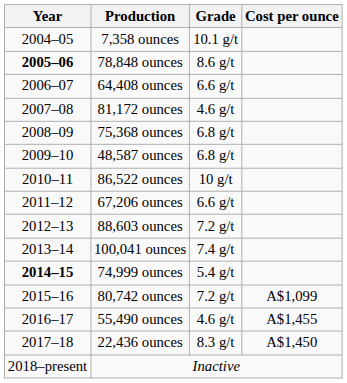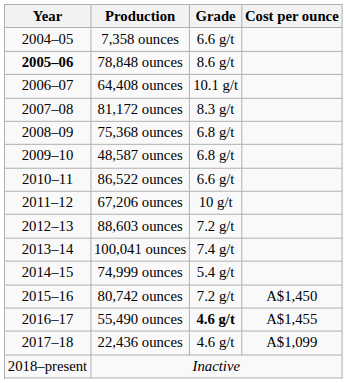 <table class="wikitable">
 <tr style="text-align:center;">
 <th>Year</th>
 <th>Production</th>
 <th>Grade</th>
 <th>Cost per ounce</th>
 </tr>
 <tr style="text-align:center;">
 <td>2004–05</td>
 <td>7,358 ounces</td>
-<td>10.1 g/t</td>
+<td>6.6 g/t</td>
 <td></td>
 </tr>
 <tr style="text-align:center;">
 <td><strong>2005–06</strong></td>
 <td>78,848 ounces</td>
 <td>8.6 g/t</td>
 <td></td>
 </tr>
 <tr style="text-align:center;">
 <td>2006–07</td>
 <td>64,408 ounces</td>
-<td>6.6 g/t</td>
+<td>10.1 g/t</td>
 <td></td>
 </tr>
 <tr style="text-align:center;">
 <td>2007–08</td>
 <td>81,172 ounces</td>
-<td>4.6 g/t</td>
+<td>8.3 g/t</td>
 <td></td>
 </tr>
 <tr style="text-align:center;">
 <td>2008–09</td>
 <td>75,368 ounces</td>
 <td>6.8 g/t</td>
 <td></td>
 </tr>
 <tr style="text-align:center;">
 <td>2009–10</td>
 <td>48,587 ounces</td>
 <td>6.8 g/t</td>
 <td></td>
 </tr>
 <tr style="text-align:center;">
 <td>2010–11</td>
 <td>86,522 ounces</td>
-<td>10 g/t</td>
+<td>6.6 g/t</td>
 <td></td>
 </tr>
 <tr style="text-align:center;">
 <td>2011–12</td>
 <td>67,206 ounces</td>
-<td>6.6 g/t</td>
+<td>10 g/t</td>
 <td></td>
 </tr>
 <tr style="text-align:center;">
 <td>2012–13</td>
 <td>88,603 ounces</td>
 <td>7.2 g/t</td>
 <td></td>
 </tr>
 <tr style="text-align:center;">
 <td>2013–14</td>
 <td>100,041 ounces</td>
 <td>7.4 g/t</td>
 <td></td>
 </tr>
 <tr style="text-align:center;">
-<td><strong>2014–15</strong></td>
+<td>2014–15</td>
 <td>74,999 ounces</td>
 <td>5.4 g/t</td>
 <td></td>
 </tr>
 <tr style="text-align:center;">
 <td>2015–16</td>
 <td>80,742 ounces</td>
 <td>7.2 g/t</td>
-<td>A$1,099</td>
+<td>A$1,450</td>
 </tr>
 <tr style="text-align:center;">
 <td>2016–17</td>
 <td>55,490 ounces</td>
-<td>4.6 g/t</td>
+<td><strong>4.6 g/t</strong></td>
 <td>A$1,455</td>
 </tr>
 <tr style="text-align:center;">
 <td>2017–18</td>
 <td>22,436 ounces</td>
-<td>8.3 g/t</td>
-<td>A$1,450</td>
+<td>4.6 g/t</td>
+<td>A$1,099</td>
 </tr>
 <tr style="text-align:center;">
 <td>2018–present</td>
 <td colspan=3><em>Inactive</em></td>
 </tr>
 </table>
